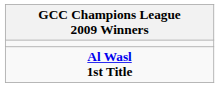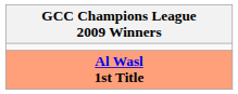 <table class="wikitable" style="text-align: center; margin: 0 auto; width: 20%">
 <tr>
 <th>GCC Champions League <br>2009 Winners</th>
 </tr>
 <tr>
 <td></td>
 </tr>
 <tr>
-<td><strong><a href='#'>Al Wasl</a></strong><br><strong>1st Title</strong></td>
+<td style="background: lightsalmon;"><strong><a href='#'>Al Wasl</a></strong><br><strong>1st Title</strong></td>
 </tr>
 </table>
